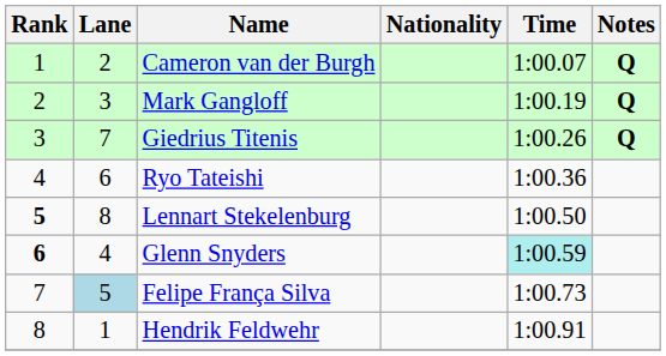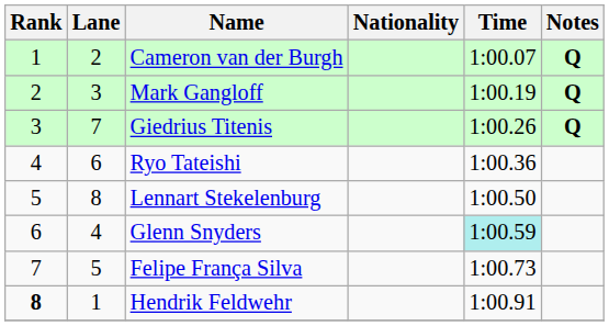 <table class="wikitable sortable" style="text-align:center">
 <tr>
 <th>Rank</th>
 <th>Lane</th>
 <th>Name</th>
 <th>Nationality</th>
 <th>Time</th>
 <th>Notes</th>
 </tr>
 <tr bgcolor=ccffcc>
 <td>1</td>
 <td>2</td>
 <td align=left><a href='#'>Cameron van der Burgh</a></td>
 <td align=left></td>
 <td>1:00.07</td>
 <td><strong>Q</strong></td>
 </tr>
 <tr bgcolor=ccffcc>
 <td>2</td>
 <td>3</td>
 <td align=left><a href='#'>Mark Gangloff</a></td>
 <td align=left></td>
 <td>1:00.19</td>
 <td><strong>Q</strong></td>
 </tr>
 <tr bgcolor=ccffcc>
 <td>3</td>
 <td>7</td>
 <td align=left><a href='#'>Giedrius Titenis</a></td>
 <td align=left></td>
 <td>1:00.26</td>
 <td><strong>Q</strong></td>
 </tr>
 <tr>
 <td>4</td>
 <td>6</td>
 <td align=left><a href='#'>Ryo Tateishi</a></td>
 <td align=left></td>
 <td>1:00.36</td>
 <td></td>
 </tr>
 <tr>
-<td><strong>5</strong></td>
+<td>5</td>
 <td>8</td>
 <td align=left><a href='#'>Lennart Stekelenburg</a></td>
 <td align=left></td>
 <td>1:00.50</td>
 <td></td>
 </tr>
 <tr>
-<td><strong>6</strong></td>
+<td>6</td>
 <td>4</td>
 <td align=left><a href='#'>Glenn Snyders</a></td>
 <td align=left></td>
 <td style="background: paleturquoise;">1:00.59</td>
 <td></td>
 </tr>
 <tr>
 <td>7</td>
-<td style="background: lightblue;">5</td>
+<td>5</td>
 <td align=left><a href='#'>Felipe França Silva</a></td>
 <td align=left></td>
 <td>1:00.73</td>
 <td></td>
 </tr>
 <tr>
-<td>8</td>
+<td><strong>8</strong></td>
 <td>1</td>
 <td align=left><a href='#'>Hendrik Feldwehr</a></td>
 <td align=left></td>
 <td>1:00.91</td>
 <td></td>
 </tr>
 <tr>
 </tr>
 </table>
